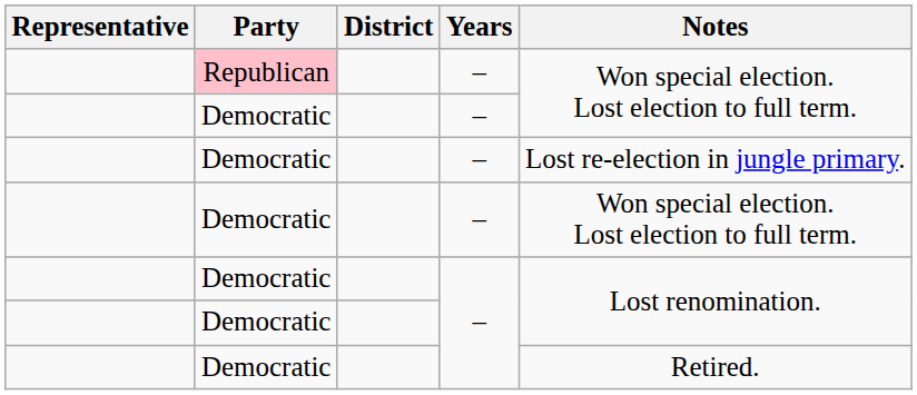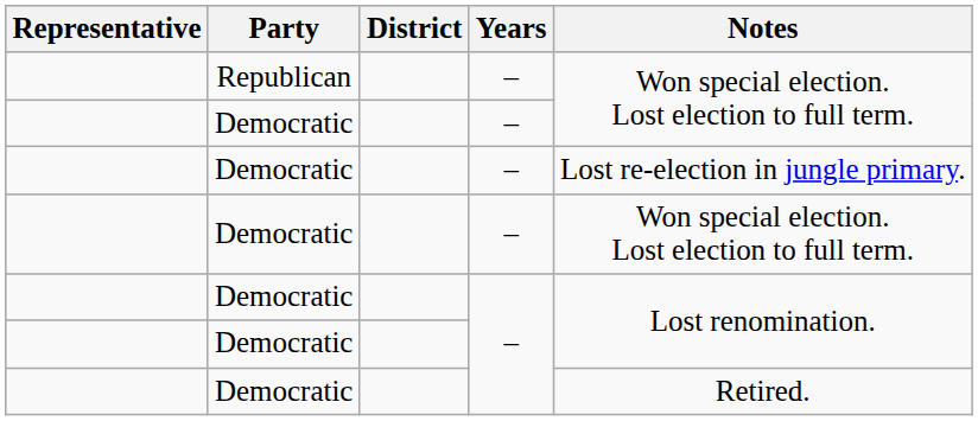 <table class="wikitable sortable" style="text-align:center">
 <tr valign=bottom>
 <th>Representative</th>
 <th>Party</th>
 <th>District</th>
 <th>Years</th>
 <th>Notes</th>
 </tr>
 <tr>
 <td align=left></td>
-<td style="background: pink;">Republican</td>
+<td>Republican</td>
 <td></td>
 <td nowrap> –<br></td>
 <td rowspan="2">Won special election.<br>Lost election to full term.</td>
 </tr>
 <tr>
 <td align=left></td>
 <td>Democratic</td>
 <td></td>
 <td nowrap> –<br></td>
 </tr>
 <tr>
 <td align=left></td>
 <td>Democratic</td>
 <td></td>
 <td nowrap> –<br></td>
 <td>Lost re-election in <a href='#'>jungle primary</a>.</td>
 </tr>
 <tr>
 <td align=left></td>
 <td>Democratic</td>
 <td></td>
 <td nowrap> –<br></td>
 <td>Won special election.<br>Lost election to full term.</td>
 </tr>
 <tr>
 <td align=left></td>
 <td>Democratic</td>
 <td></td>
 <td rowspan="3" nowrap=""> –<br></td>
 <td rowspan="2">Lost renomination.</td>
 </tr>
 <tr>
 <td align=left></td>
 <td>Democratic</td>
 <td></td>
 </tr>
 <tr>
 <td align=left></td>
 <td>Democratic</td>
 <td></td>
 <td>Retired.</td>
 </tr>
 </table>
